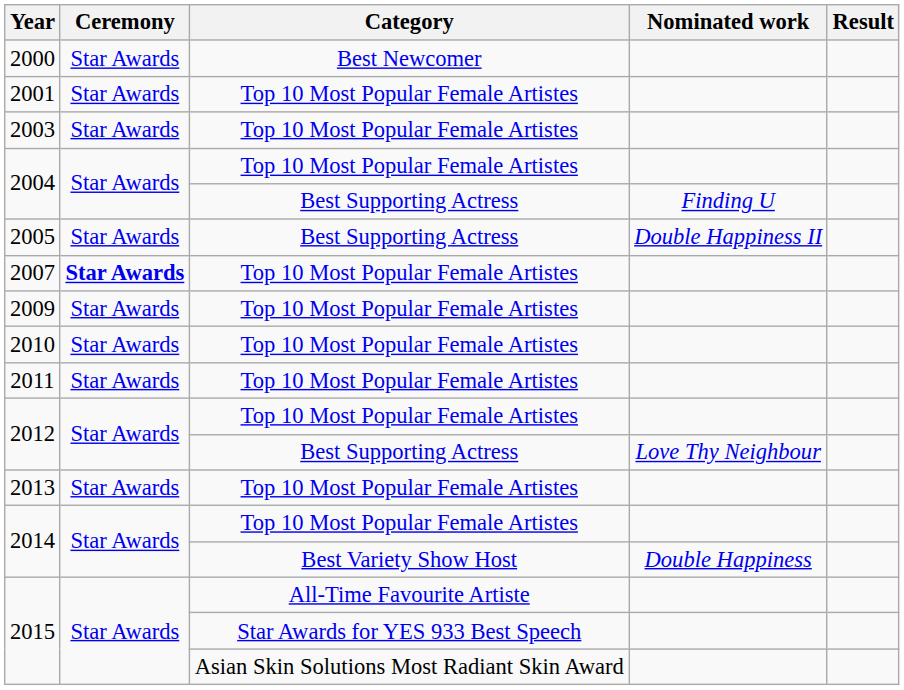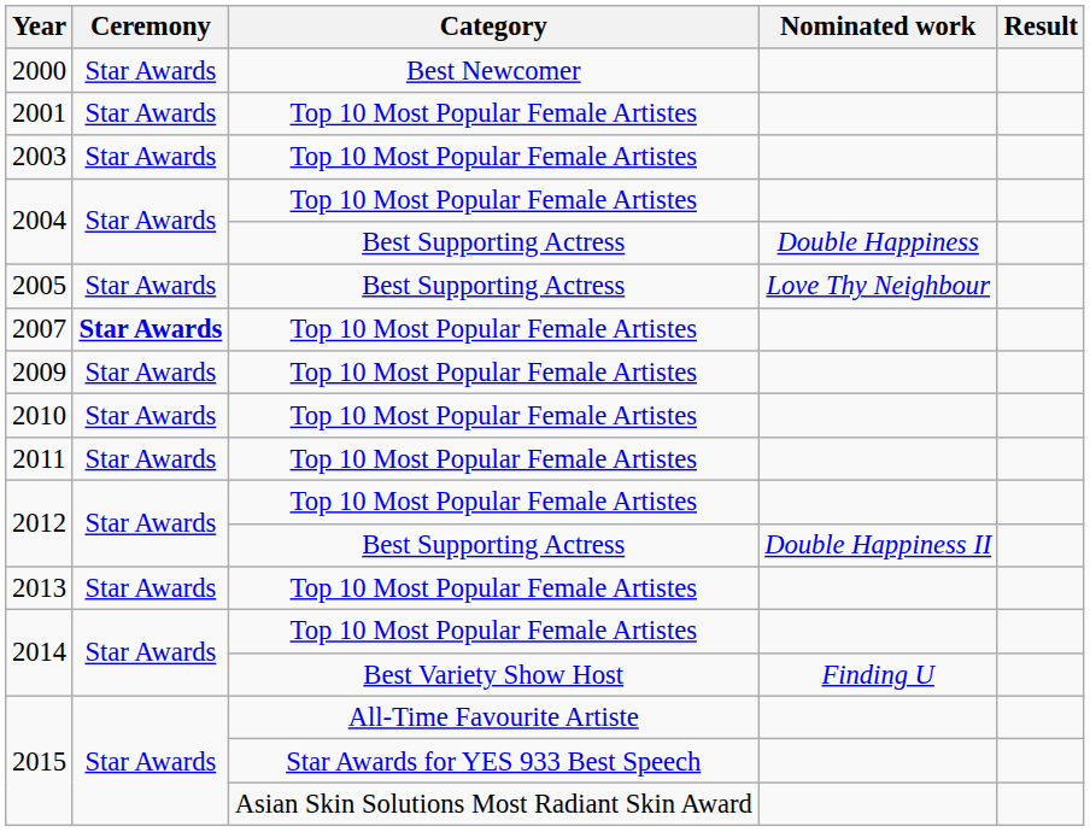 <table class="wikitable sortable" style="text-align: center;">
 <tr>
 <th>Year</th>
 <th>Ceremony</th>
 <th>Category</th>
 <th>Nominated work</th>
 <th>Result</th>
 </tr>
 <tr>
 <td>2000</td>
 <td><a href='#'>Star Awards</a></td>
 <td><a href='#'>Best Newcomer</a></td>
 <td></td>
 <td></td>
 </tr>
 <tr>
 <td>2001</td>
 <td><a href='#'>Star Awards</a></td>
 <td><a href='#'>Top 10 Most Popular Female Artistes</a></td>
 <td></td>
 <td></td>
 </tr>
 <tr>
 <td>2003</td>
 <td><a href='#'>Star Awards</a></td>
 <td><a href='#'>Top 10 Most Popular Female Artistes</a></td>
 <td></td>
 <td></td>
 </tr>
 <tr>
 <td rowspan="2">2004</td>
 <td rowspan="2"><a href='#'>Star Awards</a></td>
 <td><a href='#'>Top 10 Most Popular Female Artistes</a></td>
 <td></td>
 <td></td>
 </tr>
 <tr>
 <td><a href='#'>Best Supporting Actress</a></td>
-<td><em><a href='#'>Finding U</a></em></td>
+<td><em><a href='#'>Double Happiness</a></em> <br> </td>
 <td></td>
 </tr>
 <tr>
 <td>2005</td>
 <td><a href='#'>Star Awards</a></td>
 <td><a href='#'>Best Supporting Actress</a></td>
-<td><em><a href='#'>Double Happiness II</a></em> <br> </td>
+<td><em><a href='#'>Love Thy Neighbour</a></em> <br> </td>
 <td></td>
 </tr>
 <tr>
 <td>2007</td>
 <td><strong><a href='#'>Star Awards</a></strong></td>
 <td><a href='#'>Top 10 Most Popular Female Artistes</a></td>
 <td></td>
 <td></td>
 </tr>
 <tr>
 <td>2009</td>
 <td><a href='#'>Star Awards</a></td>
 <td><a href='#'>Top 10 Most Popular Female Artistes</a></td>
 <td></td>
 <td></td>
 </tr>
 <tr>
 <td>2010</td>
 <td><a href='#'>Star Awards</a></td>
 <td><a href='#'>Top 10 Most Popular Female Artistes</a></td>
 <td></td>
 <td></td>
 </tr>
 <tr>
 <td>2011</td>
 <td><a href='#'>Star Awards</a></td>
 <td><a href='#'>Top 10 Most Popular Female Artistes</a></td>
 <td></td>
 <td></td>
 </tr>
 <tr>
 <td rowspan="2">2012</td>
 <td rowspan="2"><a href='#'>Star Awards</a></td>
 <td><a href='#'>Top 10 Most Popular Female Artistes</a></td>
 <td></td>
 <td></td>
 </tr>
 <tr>
 <td><a href='#'>Best Supporting Actress</a></td>
-<td><em><a href='#'>Love Thy Neighbour</a></em> <br> </td>
+<td><em><a href='#'>Double Happiness II</a></em> <br> </td>
 <td></td>
 </tr>
 <tr>
 <td>2013</td>
 <td><a href='#'>Star Awards</a></td>
 <td><a href='#'>Top 10 Most Popular Female Artistes</a></td>
 <td></td>
 <td></td>
 </tr>
 <tr>
 <td rowspan="2">2014</td>
 <td rowspan="2"><a href='#'>Star Awards</a></td>
 <td><a href='#'>Top 10 Most Popular Female Artistes</a></td>
 <td></td>
 <td></td>
 </tr>
 <tr>
 <td><a href='#'>Best Variety Show Host</a></td>
-<td><em><a href='#'>Double Happiness</a></em> <br> </td>
+<td><em><a href='#'>Finding U</a></em></td>
 <td></td>
 </tr>
 <tr>
 <td rowspan="3">2015</td>
 <td rowspan="3"><a href='#'>Star Awards</a></td>
 <td><a href='#'>All-Time Favourite Artiste</a></td>
 <td></td>
 <td></td>
 </tr>
 <tr>
 <td><a href='#'>Star Awards for YES 933 Best Speech</a></td>
 <td></td>
 <td></td>
 </tr>
 <tr>
 <td>Asian Skin Solutions Most Radiant Skin Award</td>
 <td></td>
 <td></td>
 </tr>
 </table>
